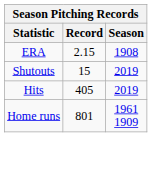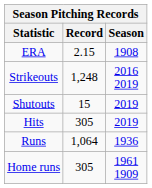 <table class="wikitable sortable" style="text-align:center">
 <tr>
 <th colspan="3">Season Pitching Records</th>
 </tr>
 <tr>
 <th scope="col">Statistic</th>
 <th scope="col" class="unsortable">Record</th>
 <th scope="col">Season</th>
 </tr>
 <tr>
 <td><a href='#'>ERA</a></td>
 <td>2.15</td>
 <td><a href='#'>1908</a></td>
 </tr>
 <tr>
+<td><a href='#'>Strikeouts</a></td>
+<td>1,248</td>
+<td><a href='#'>2016</a><br><a href='#'>2019</a></td>
+</tr>
+<tr>
 <td><a href='#'>Shutouts</a></td>
 <td>15</td>
 <td><a href='#'>2019</a></td>
 </tr>
 <tr>
 <td><a href='#'>Hits</a></td>
-<td>405</td>
+<td>305</td>
 <td><a href='#'>2019</a></td>
 </tr>
 <tr>
+<td><a href='#'>Runs</a></td>
+<td>1,064</td>
+<td><a href='#'>1936</a></td>
+</tr>
+<tr>
 <td><a href='#'>Home runs</a></td>
-<td>801</td>
+<td>305</td>
 <td><a href='#'>1961</a><br><a href='#'>1909</a></td>
 </tr>
 </table>
